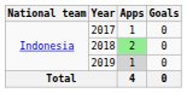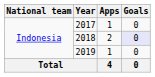 <table class="wikitable" style="text-align:center">
 <tr>
 <th>National team</th>
 <th>Year</th>
 <th>Apps</th>
 <th>Goals</th>
 </tr>
 <tr>
 <td rowspan=3><a href='#'>Indonesia</a></td>
 <td>2017</td>
 <td>1</td>
 <td>0</td>
 </tr>
 <tr>
 <td>2018</td>
-<td style="background: lightgreen;">2</td>
-<td>0</td>
+<td>2</td>
+<td style="background: lavender;">0</td>
 </tr>
 <tr>
 <td>2019</td>
-<td style="background: lightgrey;">1</td>
+<td>1</td>
 <td>0</td>
 </tr>
 <tr>
 <th colspan=2>Total</th>
 <th>4</th>
 <th>0</th>
 </tr>
 </table>
